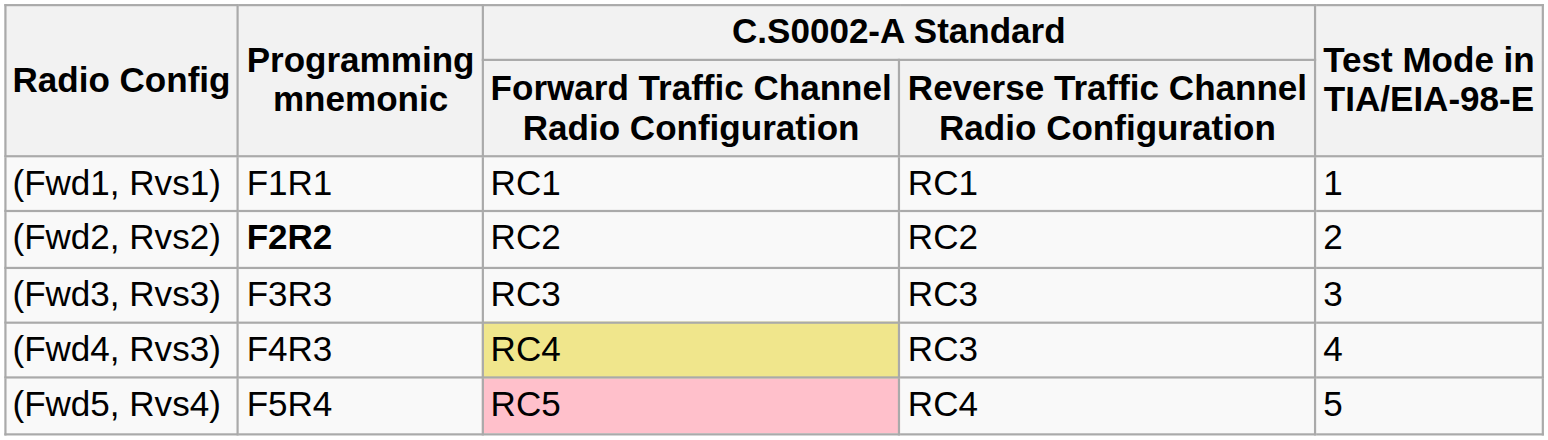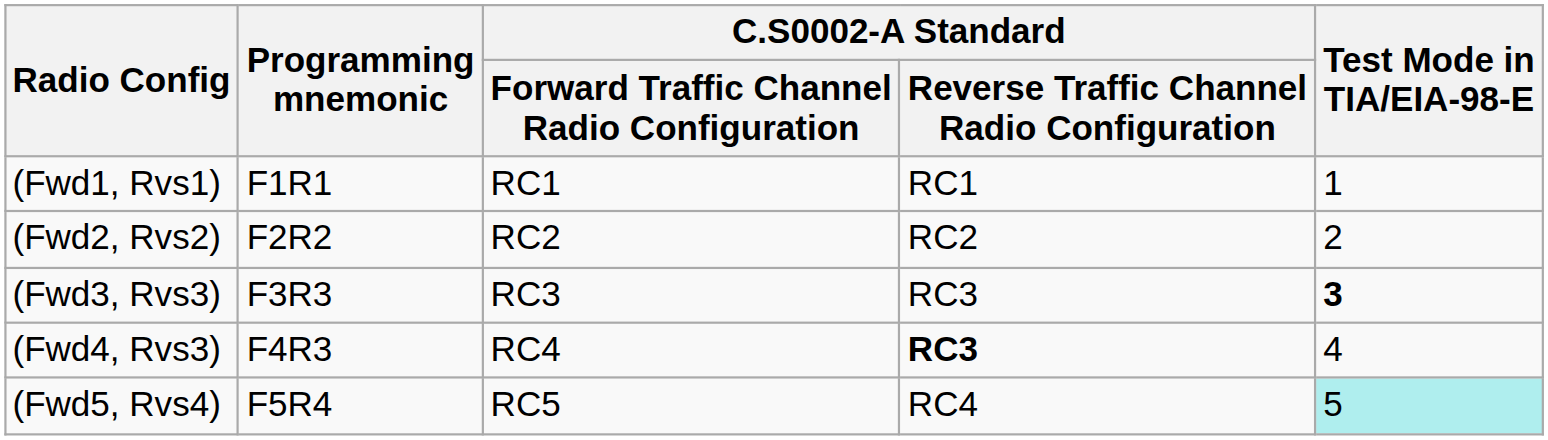 <table class="wikitable" style="float:right; margin-left:5px;">
 <tr>
 <th rowspan=2>Radio Config</th>
 <th rowspan=2>Programming<br>mnemonic</th>
 <th colspan=2>C.S0002-A Standard</th>
 <th rowspan=2>Test Mode in<br>TIA/EIA-98-E</th>
 </tr>
 <tr>
 <th>Forward Traffic Channel<br>Radio Configuration</th>
 <th>Reverse Traffic Channel<br>Radio Configuration</th>
 </tr>
 <tr>
 <td>(Fwd1, Rvs1)</td>
 <td>F1R1</td>
 <td>RC1</td>
 <td>RC1</td>
 <td>1</td>
 </tr>
 <tr>
 <td>(Fwd2, Rvs2)</td>
-<td><strong>F2R2</strong></td>
+<td>F2R2</td>
 <td>RC2</td>
 <td>RC2</td>
 <td>2</td>
 </tr>
 <tr>
 <td>(Fwd3, Rvs3)</td>
 <td>F3R3</td>
 <td>RC3</td>
 <td>RC3</td>
-<td>3</td>
+<td><strong>3</strong></td>
 </tr>
 <tr>
 <td>(Fwd4, Rvs3)</td>
 <td>F4R3</td>
-<td style="background: khaki;">RC4</td>
-<td>RC3</td>
+<td>RC4</td>
+<td><strong>RC3</strong></td>
 <td>4</td>
 </tr>
 <tr>
 <td>(Fwd5, Rvs4)</td>
 <td>F5R4</td>
-<td style="background: pink;">RC5</td>
+<td>RC5</td>
 <td>RC4</td>
-<td>5</td>
+<td style="background: paleturquoise;">5</td>
 </tr>
 </table>
